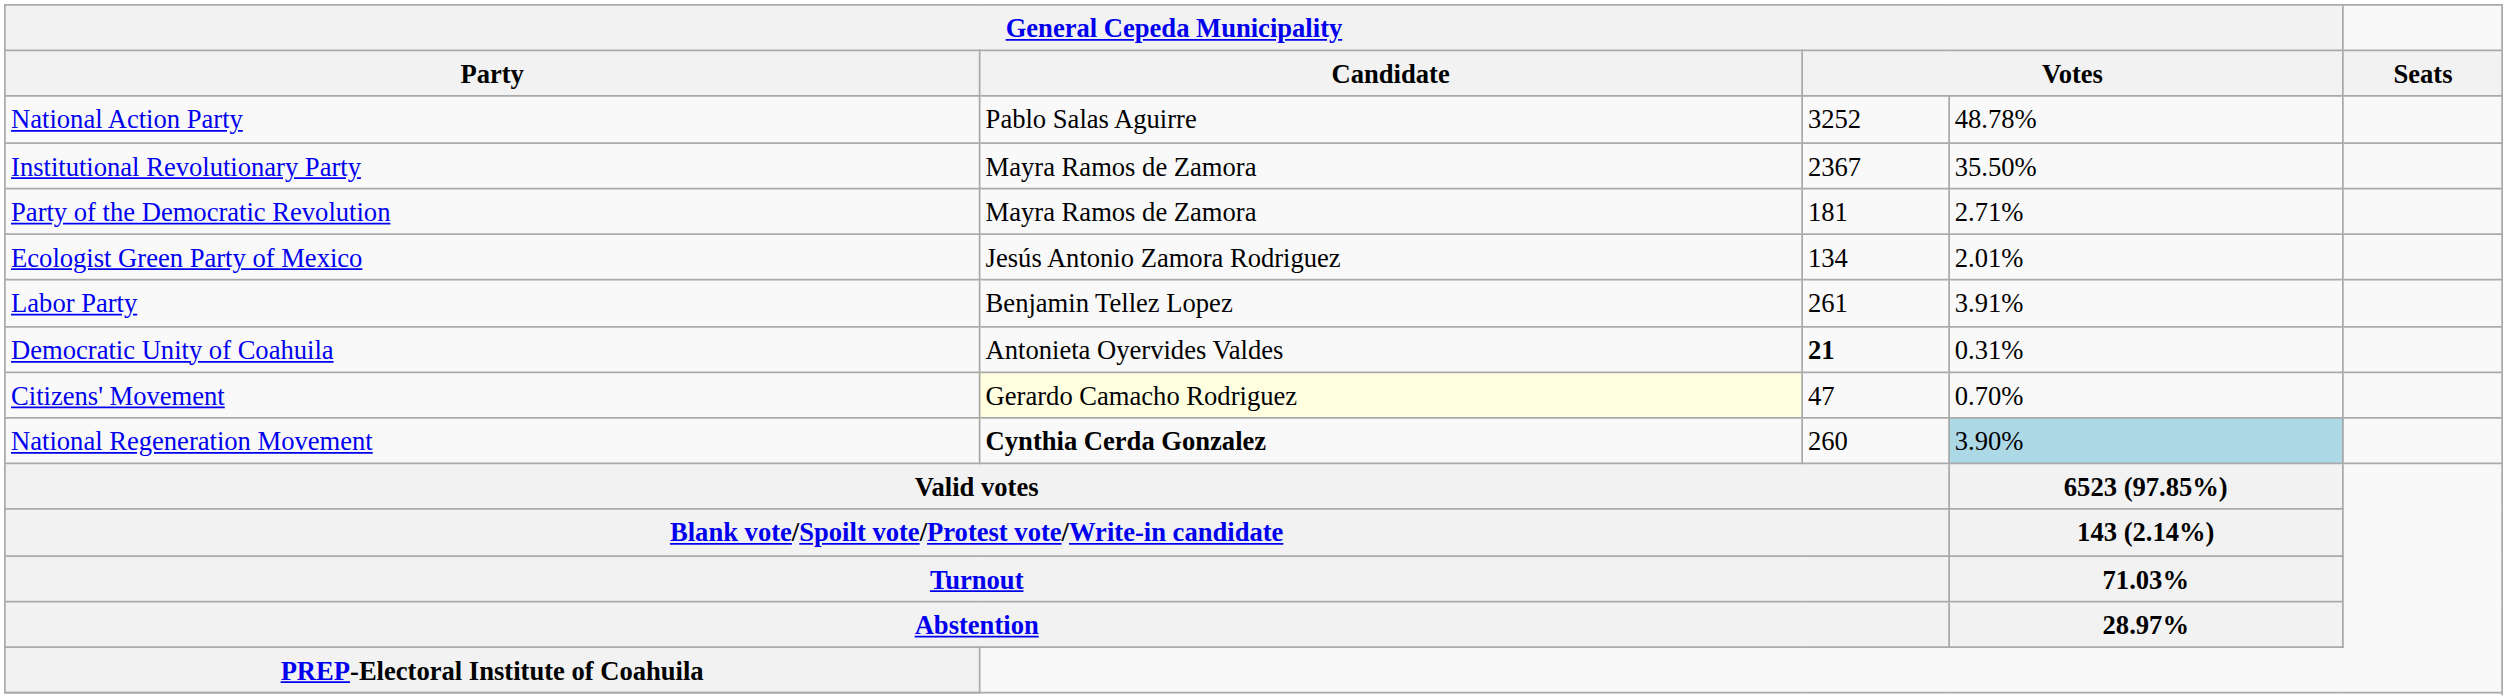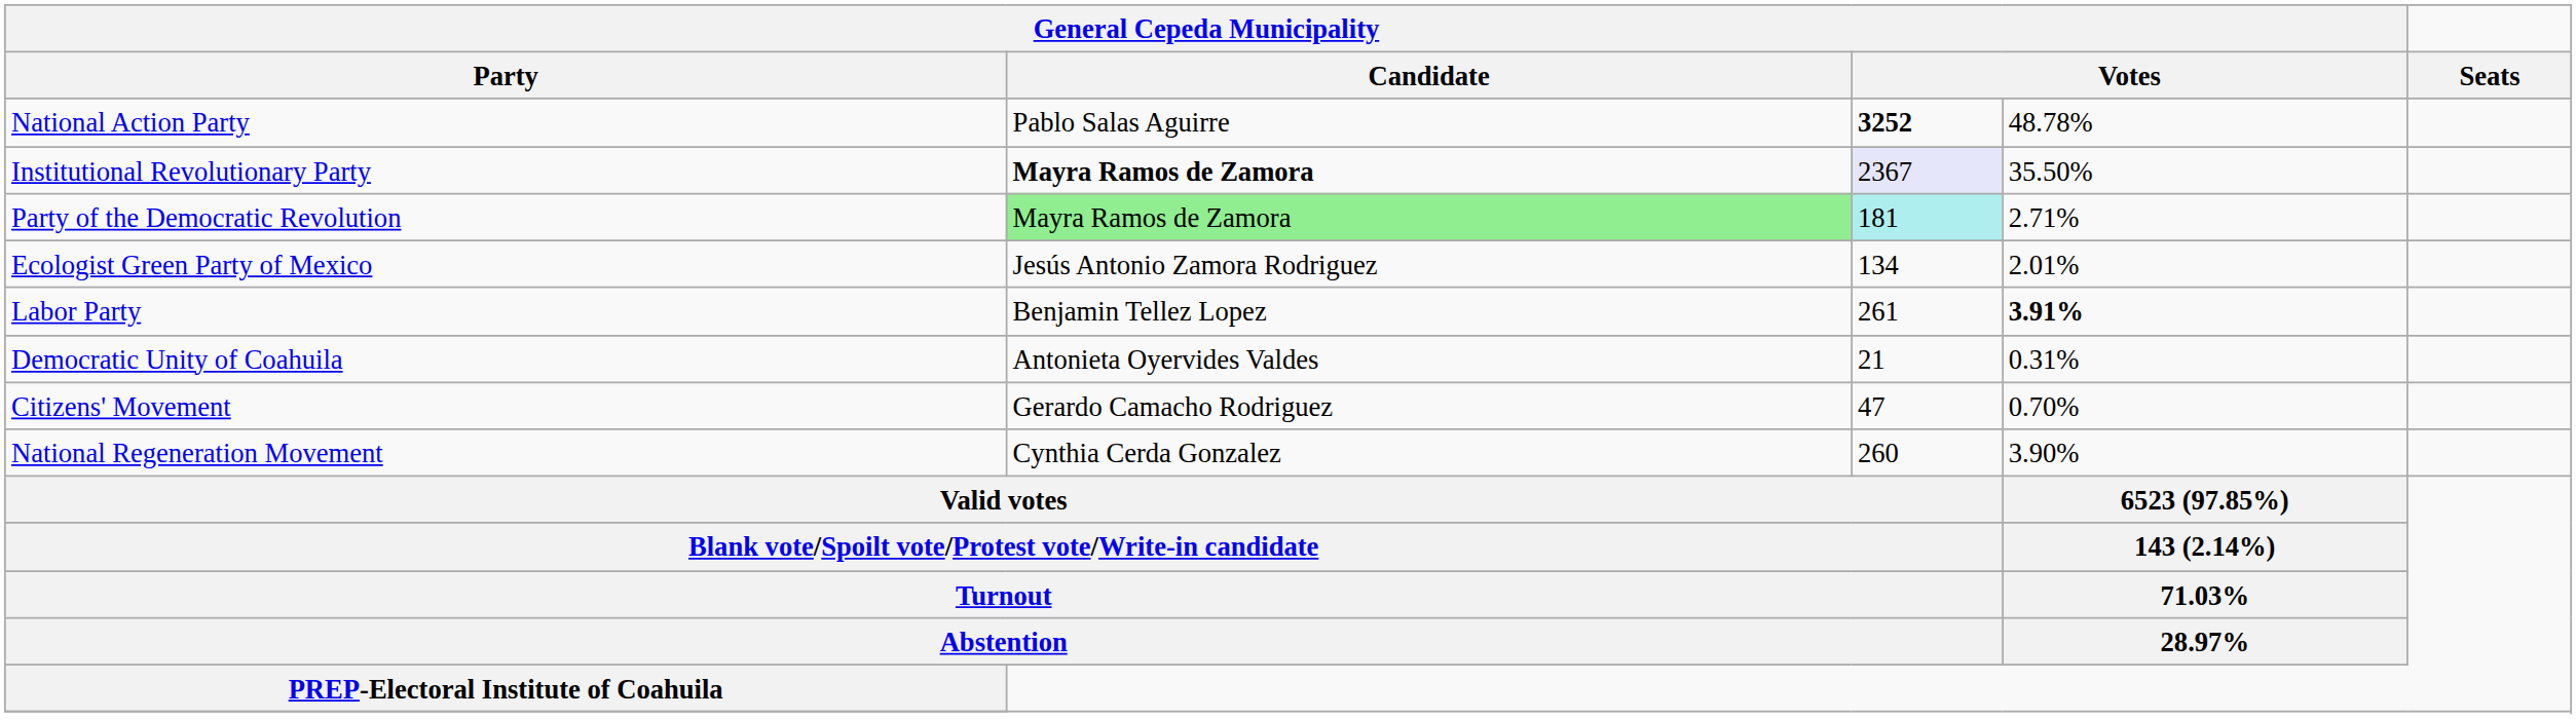 <table class="wikitable collapsible collapsed" style="font-size:95%; width:72%; line-height:126%; margin-bottom:0">
 <tr>
 <th Colspan = 4> <strong><a href='#'>General Cepeda Municipality</a></strong></th>
 </tr>
 <tr style="background:#efefef;">
 <th Colspan = 1><strong>Party</strong></th>
 <th Colspan = 1><strong>Candidate</strong></th>
 <th Colspan = 2><strong>Votes</strong></th>
 <th Colspan = 1><strong>Seats</strong></th>
 </tr>
 <tr>
 <td> <a href='#'>National Action Party</a></td>
 <td>Pablo Salas Aguirre</td>
-<td>3252</td>
+<td><strong>3252</strong></td>
 <td>48.78%</td>
 <td></td>
 </tr>
 <tr>
 <td> <a href='#'>Institutional Revolutionary Party</a></td>
-<td>Mayra Ramos de Zamora</td>
-<td>2367</td>
+<td><strong>Mayra Ramos de Zamora</strong></td>
+<td style="background: lavender;">2367</td>
 <td>35.50%</td>
 <td></td>
 </tr>
 <tr>
 <td> <a href='#'>Party of the Democratic Revolution</a></td>
-<td>Mayra Ramos de Zamora</td>
-<td>181</td>
+<td style="background: lightgreen;">Mayra Ramos de Zamora</td>
+<td style="background: paleturquoise;">181</td>
 <td>2.71%</td>
 <td></td>
 </tr>
 <tr>
 <td> <a href='#'>Ecologist Green Party of Mexico</a></td>
 <td>Jesús Antonio Zamora Rodriguez</td>
 <td>134</td>
 <td>2.01%</td>
 <td></td>
 </tr>
 <tr>
 <td> <a href='#'>Labor Party</a></td>
 <td>Benjamin Tellez Lopez</td>
 <td>261</td>
-<td>3.91%</td>
+<td><strong>3.91%</strong></td>
 <td></td>
 </tr>
 <tr>
 <td><a href='#'>Democratic Unity of Coahuila</a></td>
 <td>Antonieta Oyervides Valdes</td>
-<td><strong>21</strong></td>
+<td>21</td>
 <td>0.31%</td>
 <td></td>
 </tr>
 <tr>
 <td> <a href='#'>Citizens' Movement</a></td>
-<td style="background: lightyellow;">Gerardo Camacho Rodriguez</td>
+<td>Gerardo Camacho Rodriguez</td>
 <td>47</td>
 <td>0.70%</td>
 <td></td>
 </tr>
 <tr>
 <td> <a href='#'>National Regeneration Movement</a></td>
-<td><strong>Cynthia Cerda Gonzalez</strong></td>
+<td>Cynthia Cerda Gonzalez</td>
 <td>260</td>
-<td style="background: lightblue;">3.90%</td>
+<td>3.90%</td>
 <td></td>
 </tr>
 <tr>
 <th Colspan = 3><strong>Valid votes</strong></th>
 <th>6523 (97.85%)</th>
 </tr>
 <tr>
 <th Colspan = 3><strong><a href='#'>Blank vote</a>/<a href='#'>Spoilt vote</a>/<a href='#'>Protest vote</a>/<a href='#'>Write-in candidate</a></strong></th>
 <th>143 (2.14%)</th>
 </tr>
 <tr>
 <th Colspan = 3><strong><a href='#'>Turnout</a></strong></th>
 <th>71.03%</th>
 </tr>
 <tr>
 <th Colspan = 3><strong><a href='#'>Abstention</a></strong></th>
 <th>28.97%</th>
 </tr>
 <tr>
 <th Colspan =><a href='#'>PREP</a>-Electoral Institute of Coahuila</th>
 </tr>
 <tr>
 </tr>
 </table>
